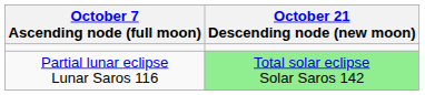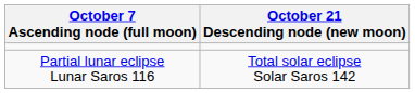 <table class="wikitable">
 <tr>
 <th><a href='#'>October 7</a><br>Ascending node (full moon)</th>
 <th><a href='#'>October 21</a><br>Descending node (new moon)</th>
 </tr>
 <tr>
 <td></td>
 <td></td>
 </tr>
 <tr align=center>
 <td><a href='#'>Partial lunar eclipse</a><br>Lunar Saros 116</td>
-<td style="background: lightgreen;"><a href='#'>Total solar eclipse</a><br>Solar Saros 142</td>
+<td><a href='#'>Total solar eclipse</a><br>Solar Saros 142</td>
 </tr>
 </table>
